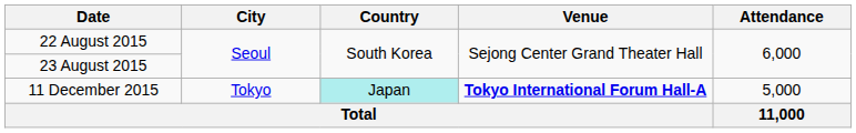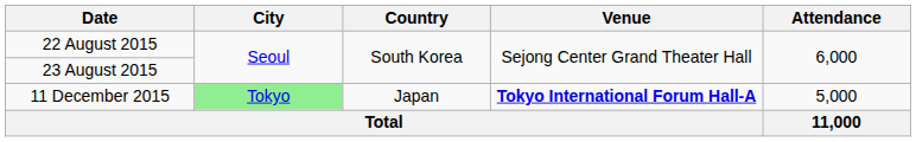 <table class="wikitable" style="text-align:center;">
 <tr>
 <th scope="col" style="width:11em;">Date</th>
 <th scope="col" style="width:8.5em;">City</th>
 <th scope="col" style="width:8.5em;">Country</th>
 <th scope="col" style="width:16em;">Venue</th>
 <th scope="col" style="width:8.5em;">Attendance</th>
 </tr>
 <tr>
 <td>22 August 2015</td>
 <td rowspan="2"><a href='#'>Seoul</a></td>
 <td rowspan="2">South Korea</td>
 <td rowspan="2">Sejong Center Grand Theater Hall</td>
 <td rowspan="2">6,000</td>
 </tr>
 <tr>
 <td>23 August 2015</td>
 </tr>
 <tr>
 <td>11 December 2015</td>
-<td><a href='#'>Tokyo</a></td>
-<td style="background: paleturquoise;">Japan</td>
+<td style="background: lightgreen;"><a href='#'>Tokyo</a></td>
+<td>Japan</td>
 <td><strong><a href='#'>Tokyo International Forum Hall-A</a></strong></td>
 <td>5,000</td>
 </tr>
 <tr>
 <th colspan="4">Total</th>
 <th>11,000</th>
 </tr>
 </table>
